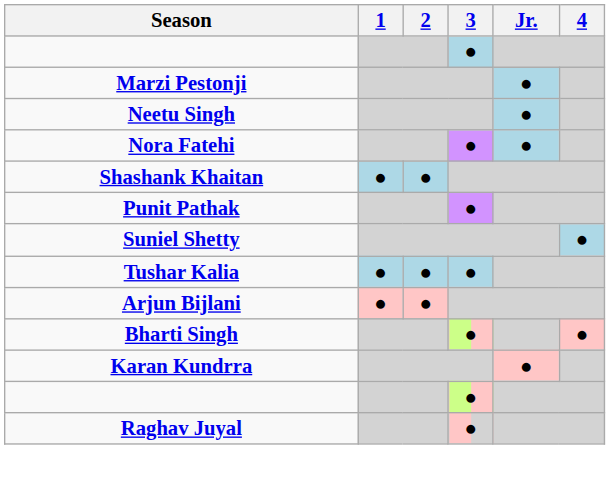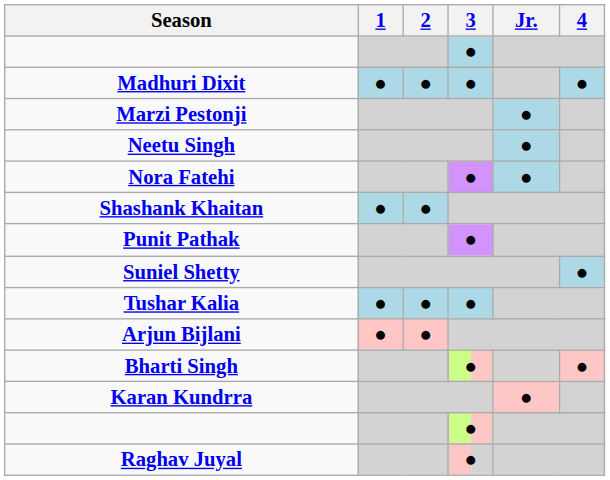 <table class="wikitable" style="text-align:center; font-size:95%; line-height:16px; width:50%">
 <tr>
 <th scope="col">Season</th>
 <th><a href='#'>1</a></th>
 <th><a href='#'>2</a></th>
 <th><a href='#'>3</a></th>
 <th><a href='#'>Jr.</a></th>
 <th><a href='#'>4</a></th>
 </tr>
 <tr>
 <td></td>
 <td colspan="2" style="background:lightgrey"></td>
 <td bgcolor="lightblue">●</td>
 <td colspan="2" style="background:lightgrey"></td>
+</tr>
+<tr>
+<td scope="row"><strong><a href='#'>Madhuri Dixit</a></strong></td>
+<td bgcolor=lightblue>●</td>
+<td bgcolor=lightblue>●</td>
+<td bgcolor="lightblue">●</td>
+<td style="background:lightgrey"></td>
+<td bgcolor=lightblue>●</td>
 </tr>
 <tr>
 <td><strong><a href='#'>Marzi Pestonji</a></strong></td>
 <td colspan="3" style="background:lightgrey"></td>
 <td bgcolor=lightblue>●</td>
 <td style="background:lightgrey"></td>
 </tr>
 <tr>
 <td><strong><a href='#'>Neetu Singh</a></strong></td>
 <td colspan="3" style="background:lightgrey"></td>
 <td bgcolor=lightblue>●</td>
 <td style="background:lightgrey"></td>
 </tr>
 <tr>
 <td><strong><a href='#'>Nora Fatehi</a></strong></td>
 <td colspan="2" style="background:lightgrey"></td>
 <td bgcolor="#d293ff">●</td>
 <td bgcolor=lightblue>●</td>
 <td style="background:lightgrey"></td>
 </tr>
 <tr>
 <td scope="row"><strong><a href='#'>Shashank Khaitan</a></strong></td>
 <td bgcolor=lightblue>●</td>
 <td bgcolor=lightblue>●</td>
 <td colspan="3" style="background:lightgrey"></td>
 </tr>
 <tr>
 <td><strong><a href='#'>Punit Pathak</a></strong></td>
 <td colspan="2" style="background:lightgrey"></td>
 <td bgcolor="#d293ff">●</td>
 <td colspan="2" style="background:lightgrey"></td>
 </tr>
 <tr>
 <td scope="row"><strong><a href='#'>Suniel Shetty</a></strong></td>
 <td colspan="4" style="background:lightgrey"></td>
 <td bgcolor=lightblue>●</td>
 </tr>
 <tr>
 <td scope="row"><strong><a href='#'>Tushar Kalia</a></strong></td>
 <td bgcolor=lightblue>●</td>
 <td bgcolor=lightblue>●</td>
 <td bgcolor="lightblue">●</td>
 <td colspan="2" style="background:lightgrey"></td>
 </tr>
 <tr>
 <td><strong><a href='#'>Arjun Bijlani</a></strong></td>
 <td Bgcolor=#ffc6c6>●</td>
 <td Bgcolor=#ffc6c6>●</td>
 <td colspan="3" style="background:lightgrey"></td>
 </tr>
 <tr>
 <td><strong><a href='#'>Bharti Singh</a></strong></td>
 <td colspan="2" style="background:lightgrey"></td>
 <td style="background-image: linear-gradient(to right , #ccff88 50%, #ffc6c6 50%);">●</td>
 <td style="background:lightgrey"></td>
 <td Bgcolor=#ffc6c6>●</td>
 </tr>
 <tr>
 <td><strong><a href='#'>Karan Kundrra</a></strong></td>
 <td colspan="3" style="background:lightgrey"></td>
 <td Bgcolor=#ffc6c6>●</td>
 <td style="background:lightgrey"></td>
 </tr>
 <tr>
 <td></td>
 <td colspan="2" style="background:lightgrey"></td>
 <td style="background-image: linear-gradient(to right , #ccff88 50%, #ffc6c6 50%);">●</td>
 <td colspan="2" style="background:lightgrey"></td>
 </tr>
 <tr>
 <td><strong><a href='#'>Raghav Juyal</a></strong></td>
 <td colspan="2" style="background:lightgrey"></td>
 <td style="background-image: linear-gradient(to right , #ffc6c6 50%, lightgrey 50%);">●</td>
 <td colspan="2" bgcolor=lightgrey></td>
 </tr>
 </table>
